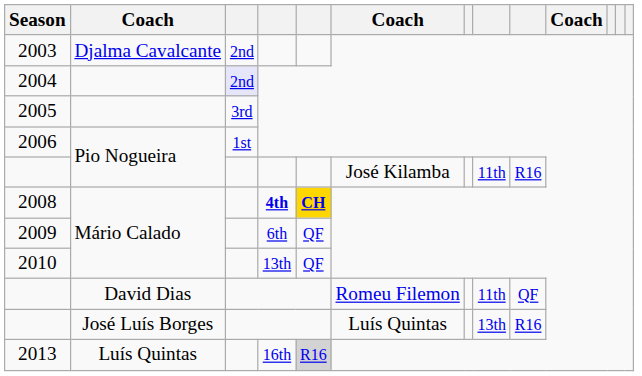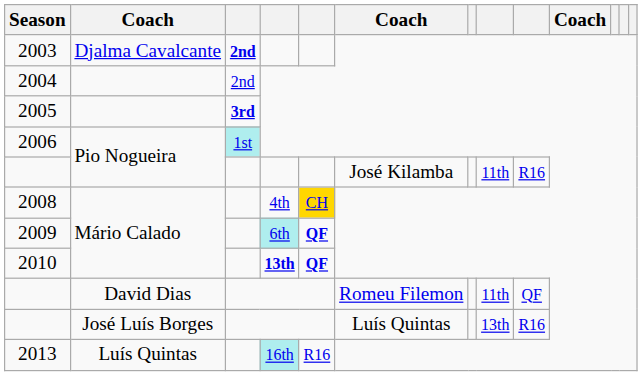 <table class="wikitable" style="text-align:center;">
 <tr>
 <th>Season</th>
 <th>Coach</th>
 <th></th>
 <th></th>
 <th></th>
 <th>Coach</th>
 <th></th>
 <th></th>
 <th></th>
 <th>Coach</th>
 <th></th>
 <th></th>
 <th></th>
 </tr>
 <tr>
 <td>2003</td>
 <td> <a href='#'>Djalma Cavalcante</a></td>
-<td><small><a href='#'>2nd</a></small></td>
+<td><strong><small><a href='#'>2nd</a></small></strong></td>
 <td></td>
 <td></td>
 </tr>
 <tr>
 <td>2004</td>
 <td></td>
-<td style="background: lavender;"><small><a href='#'>2nd</a></small></td>
+<td><small><a href='#'>2nd</a></small></td>
 </tr>
 <tr>
 <td>2005</td>
 <td></td>
-<td><small><a href='#'>3rd</a></small></td>
+<td><strong><small><a href='#'>3rd</a></small></strong></td>
 </tr>
 <tr>
 <td>2006</td>
 <td align=left rowspan=2> Pio Nogueira</td>
-<td><small><a href='#'>1st</a></small></td>
+<td style="background: paleturquoise;"><small><a href='#'>1st</a></small></td>
 </tr>
 <tr>
 <td></td>
 <td></td>
 <td></td>
 <td></td>
 <td> José Kilamba</td>
 <td></td>
 <td><small><a href='#'>11th</a></small></td>
 <td><small><a href='#'>R16</a></small></td>
 </tr>
 <tr>
 <td>2008</td>
 <td align=left rowspan=3> Mário Calado</td>
 <td></td>
-<td><strong><small><a href='#'>4th</a></small></strong></td>
-<td style="background:gold;"><strong><small><a href='#'>CH</a></small></strong></td>
+<td><small><a href='#'>4th</a></small></td>
+<td style="background:gold;"><small><a href='#'>CH</a></small></td>
 </tr>
 <tr>
 <td>2009</td>
 <td></td>
-<td><small><a href='#'>6th</a></small></td>
-<td><small><a href='#'>QF</a></small></td>
+<td style="background: paleturquoise;"><small><a href='#'>6th</a></small></td>
+<td><strong><small><a href='#'>QF</a></small></strong></td>
 </tr>
 <tr>
 <td>2010</td>
 <td></td>
-<td><small><a href='#'>13th</a></small></td>
-<td><small><a href='#'>QF</a></small></td>
+<td><strong><small><a href='#'>13th</a></small></strong></td>
+<td><strong><small><a href='#'>QF</a></small></strong></td>
 </tr>
 <tr>
 <td></td>
 <td> David Dias</td>
 <td colspan=3></td>
 <td> <a href='#'>Romeu Filemon</a></td>
 <td></td>
 <td><small><a href='#'>11th</a></small></td>
 <td><small><a href='#'>QF</a></small></td>
 </tr>
 <tr>
 <td></td>
 <td> José Luís Borges</td>
 <td colspan=3></td>
 <td> Luís Quintas</td>
 <td></td>
 <td><small><a href='#'>13th</a></small></td>
 <td><small><a href='#'>R16</a></small></td>
 </tr>
 <tr>
 <td>2013</td>
 <td> Luís Quintas</td>
 <td></td>
-<td><small><a href='#'>16th</a></small></td>
-<td style="background: lightgrey;"><small><a href='#'>R16</a></small></td>
+<td style="background: paleturquoise;"><small><a href='#'>16th</a></small></td>
+<td><small><a href='#'>R16</a></small></td>
 </tr>
 </table>
